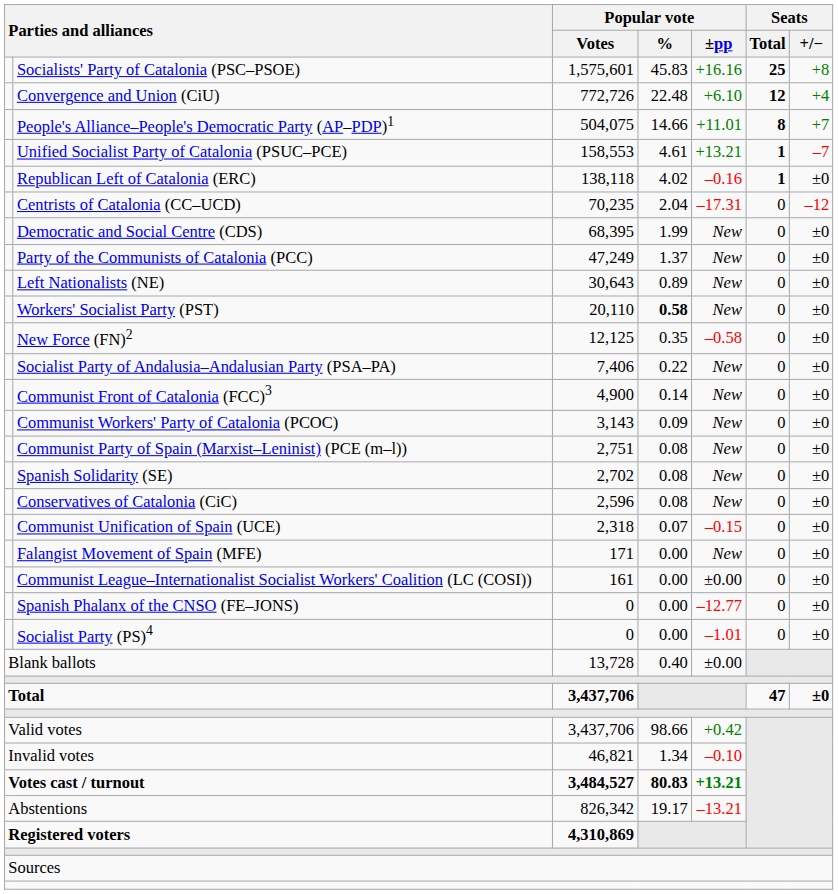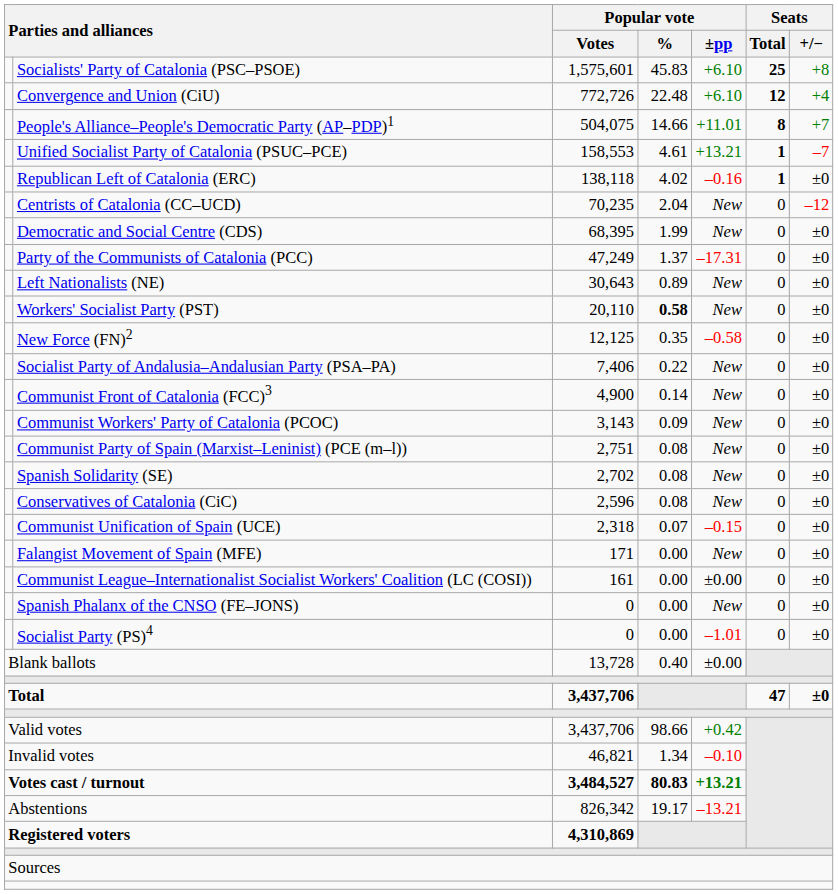 <table class="wikitable" style="text-align:right;">
 <tr>
 <th style="text-align:left;" rowspan="2" colspan="2" width="525">Parties and alliances</th>
 <th colspan="3">Popular vote</th>
 <th colspan="2">Seats</th>
 </tr>
 <tr>
 <th width="75">Votes</th>
 <th width="45">%</th>
 <th width="45">±<a href='#'>pp</a></th>
 <th width="35">Total</th>
 <th width="35">+/−</th>
 </tr>
 <tr>
 <td width="1" style="color:inherit;background:"></td>
 <td align="left"><a href='#'>Socialists' Party of Catalonia</a> (PSC–PSOE)</td>
 <td>1,575,601</td>
 <td>45.83</td>
-<td style="color:green;">+16.16</td>
+<td style="color:green;">+6.10</td>
 <td><strong>25</strong></td>
 <td style="color:green;">+8</td>
 </tr>
 <tr>
 <td style="color:inherit;background:"></td>
 <td align="left"><a href='#'>Convergence and Union</a> (CiU)</td>
 <td>772,726</td>
 <td>22.48</td>
 <td style="color:green;">+6.10</td>
 <td><strong>12</strong></td>
 <td style="color:green;">+4</td>
 </tr>
 <tr>
 <td style="color:inherit;background:"></td>
 <td align="left"><a href='#'>People's Alliance–People's Democratic Party</a> (<a href='#'>AP</a>–<a href='#'>PDP</a>)<sup>1</sup></td>
 <td>504,075</td>
 <td>14.66</td>
 <td style="color:green;">+11.01</td>
 <td><strong>8</strong></td>
 <td style="color:green;">+7</td>
 </tr>
 <tr>
 <td style="color:inherit;background:"></td>
 <td align="left"><a href='#'>Unified Socialist Party of Catalonia</a> (PSUC–PCE)</td>
 <td>158,553</td>
 <td>4.61</td>
 <td style="color:green;">+13.21</td>
 <td><strong>1</strong></td>
 <td style="color:red;">–7</td>
 </tr>
 <tr>
 <td style="color:inherit;background:"></td>
 <td align="left"><a href='#'>Republican Left of Catalonia</a> (ERC)</td>
 <td>138,118</td>
 <td>4.02</td>
 <td style="color:red;">–0.16</td>
 <td><strong>1</strong></td>
 <td>±0</td>
 </tr>
 <tr>
 <td style="color:inherit;background:"></td>
 <td align="left"><a href='#'>Centrists of Catalonia</a> (CC–UCD)</td>
 <td>70,235</td>
 <td>2.04</td>
-<td style="color:red;">–17.31</td>
+<td><em>New</em></td>
 <td>0</td>
 <td style="color:red;">–12</td>
 </tr>
 <tr>
 <td style="color:inherit;background:"></td>
 <td align="left"><a href='#'>Democratic and Social Centre</a> (CDS)</td>
 <td>68,395</td>
 <td>1.99</td>
 <td><em>New</em></td>
 <td>0</td>
 <td>±0</td>
 </tr>
 <tr>
 <td style="color:inherit;background:"></td>
 <td align="left"><a href='#'>Party of the Communists of Catalonia</a> (PCC)</td>
 <td>47,249</td>
 <td>1.37</td>
-<td><em>New</em></td>
+<td style="color:red;">–17.31</td>
 <td>0</td>
 <td>±0</td>
 </tr>
 <tr>
 <td style="color:inherit;background:"></td>
 <td align="left"><a href='#'>Left Nationalists</a> (NE)</td>
 <td>30,643</td>
 <td>0.89</td>
 <td><em>New</em></td>
 <td>0</td>
 <td>±0</td>
 </tr>
 <tr>
 <td style="color:inherit;background:"></td>
 <td align="left"><a href='#'>Workers' Socialist Party</a> (PST)</td>
 <td>20,110</td>
 <td><strong>0.58</strong></td>
 <td><em>New</em></td>
 <td>0</td>
 <td>±0</td>
 </tr>
 <tr>
 <td style="color:inherit;background:"></td>
 <td align="left"><a href='#'>New Force</a> (FN)<sup>2</sup></td>
 <td>12,125</td>
 <td>0.35</td>
 <td style="color:red;">–0.58</td>
 <td>0</td>
 <td>±0</td>
 </tr>
 <tr>
 <td style="color:inherit;background:"></td>
 <td align="left"><a href='#'>Socialist Party of Andalusia–Andalusian Party</a> (PSA–PA)</td>
 <td>7,406</td>
 <td>0.22</td>
 <td><em>New</em></td>
 <td>0</td>
 <td>±0</td>
 </tr>
 <tr>
 <td style="color:inherit;background:"></td>
 <td align="left"><a href='#'>Communist Front of Catalonia</a> (FCC)<sup>3</sup></td>
 <td>4,900</td>
 <td>0.14</td>
 <td><em>New</em></td>
 <td>0</td>
 <td>±0</td>
 </tr>
 <tr>
 <td style="color:inherit;background:"></td>
 <td align="left"><a href='#'>Communist Workers' Party of Catalonia</a> (PCOC)</td>
 <td>3,143</td>
 <td>0.09</td>
 <td><em>New</em></td>
 <td>0</td>
 <td>±0</td>
 </tr>
 <tr>
 <td style="color:inherit;background:"></td>
 <td align="left"><a href='#'>Communist Party of Spain (Marxist–Leninist)</a> (PCE (m–l))</td>
 <td>2,751</td>
 <td>0.08</td>
 <td><em>New</em></td>
 <td>0</td>
 <td>±0</td>
 </tr>
 <tr>
 <td style="color:inherit;background:"></td>
 <td align="left"><a href='#'>Spanish Solidarity</a> (SE)</td>
 <td>2,702</td>
 <td>0.08</td>
 <td><em>New</em></td>
 <td>0</td>
 <td>±0</td>
 </tr>
 <tr>
 <td style="color:inherit;background:"></td>
 <td align="left"><a href='#'>Conservatives of Catalonia</a> (CiC)</td>
 <td>2,596</td>
 <td>0.08</td>
 <td><em>New</em></td>
 <td>0</td>
 <td>±0</td>
 </tr>
 <tr>
 <td style="color:inherit;background:"></td>
 <td align="left"><a href='#'>Communist Unification of Spain</a> (UCE)</td>
 <td>2,318</td>
 <td>0.07</td>
 <td style="color:red;">–0.15</td>
 <td>0</td>
 <td>±0</td>
 </tr>
 <tr>
 <td style="color:inherit;background:"></td>
 <td align="left"><a href='#'>Falangist Movement of Spain</a> (MFE)</td>
 <td>171</td>
 <td>0.00</td>
 <td><em>New</em></td>
 <td>0</td>
 <td>±0</td>
 </tr>
 <tr>
 <td style="color:inherit;background:"></td>
 <td align="left"><a href='#'>Communist League–Internationalist Socialist Workers' Coalition</a> (LC (COSI))</td>
 <td>161</td>
 <td>0.00</td>
 <td>±0.00</td>
 <td>0</td>
 <td>±0</td>
 </tr>
 <tr>
 <td style="color:inherit;background:"></td>
 <td align="left"><a href='#'>Spanish Phalanx of the CNSO</a> (FE–JONS)</td>
 <td>0</td>
 <td>0.00</td>
-<td style="color:red;">–12.77</td>
+<td><em>New</em></td>
 <td>0</td>
 <td>±0</td>
 </tr>
 <tr>
 <td style="color:inherit;background:"></td>
 <td align="left"><a href='#'>Socialist Party</a> (PS)<sup>4</sup></td>
 <td>0</td>
 <td>0.00</td>
 <td style="color:red;">–1.01</td>
 <td>0</td>
 <td>±0</td>
 </tr>
 <tr>
 <td align="left" colspan="2">Blank ballots</td>
 <td>13,728</td>
 <td>0.40</td>
 <td>±0.00</td>
 <td bgcolor="#E9E9E9" colspan="2"></td>
 </tr>
 <tr>
 <td colspan="7" bgcolor="#E9E9E9"></td>
 </tr>
 <tr style="font-weight:bold;">
 <td align="left" colspan="2">Total</td>
 <td>3,437,706</td>
 <td bgcolor="#E9E9E9" colspan="2"></td>
 <td>47</td>
 <td>±0</td>
 </tr>
 <tr>
 <td colspan="7" bgcolor="#E9E9E9"></td>
 </tr>
 <tr>
 <td align="left" colspan="2">Valid votes</td>
 <td>3,437,706</td>
 <td>98.66</td>
 <td style="color:green;">+0.42</td>
 <td bgcolor="#E9E9E9" colspan="2" rowspan="5"></td>
 </tr>
 <tr>
 <td align="left" colspan="2">Invalid votes</td>
 <td>46,821</td>
 <td>1.34</td>
 <td style="color:red;">–0.10</td>
 </tr>
 <tr style="font-weight:bold;">
 <td align="left" colspan="2">Votes cast / turnout</td>
 <td>3,484,527</td>
 <td>80.83</td>
 <td style="color:green;">+13.21</td>
 </tr>
 <tr>
 <td align="left" colspan="2">Abstentions</td>
 <td>826,342</td>
 <td>19.17</td>
 <td style="color:red;">–13.21</td>
 </tr>
 <tr style="font-weight:bold;">
 <td align="left" colspan="2">Registered voters</td>
 <td>4,310,869</td>
 <td bgcolor="#E9E9E9" colspan="2"></td>
 </tr>
 <tr>
 <td colspan="7" bgcolor="#E9E9E9"></td>
 </tr>
 <tr>
 <td align="left" colspan="7">Sources</td>
 </tr>
 <tr>
 <td colspan="7" style="text-align:left; max-width:790px;"></td>
 </tr>
 </table>
